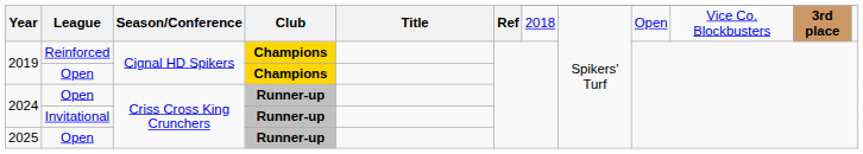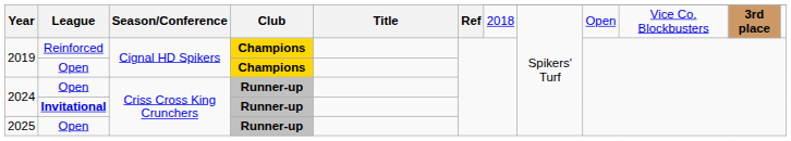 <table class="wikitable sortable" style="text-align:center" width="80%">
 <tr>
 <th style="width:5px;" rowspan="2">Year</th>
 <th style="width:25px;" rowspan="2">League</th>
 <th style="width:100px;" rowspan="2">Season/Conference</th>
 <th style="width:100px;" rowspan="2">Club</th>
 <th style="width:180px;" rowspan="2">Title</th>
 <th style="width:25px;" rowspan="2">Ref</th>
 </tr>
 <tr align=center>
 <td><a href='#'>2018</a></td>
 <td rowspan=6>Spikers' Turf</td>
 <td><a href='#'>Open</a></td>
 <td><a href='#'>Vice Co. Blockbusters</a></td>
 <td style="background:#cc9966;"><strong>3rd place</strong></td>
 <td></td>
 </tr>
 <tr align=center>
 <td rowspan=2>2019</td>
 <td><a href='#'>Reinforced</a></td>
 <td rowspan=2><a href='#'>Cignal HD Spikers</a></td>
 <td style="background:gold"><strong>Champions</strong></td>
 <td></td>
 </tr>
 <tr align=center>
 <td><a href='#'>Open</a></td>
 <td style="background:gold"><strong>Champions</strong></td>
 <td></td>
 </tr>
 <tr align=center>
 <td rowspan=2>2024</td>
 <td><a href='#'>Open</a></td>
 <td rowspan=3><a href='#'>Criss Cross King Crunchers</a></td>
 <td style="background:silver"><strong>Runner-up</strong></td>
 <td></td>
 </tr>
 <tr align=center>
-<td><a href='#'>Invitational</a></td>
+<td><strong><a href='#'>Invitational</a></strong></td>
 <td style="background:silver"><strong>Runner-up</strong></td>
 <td></td>
 </tr>
 <tr align=center>
 <td rowspan=2>2025</td>
 <td><a href='#'>Open</a></td>
 <td style="background:silver"><strong>Runner-up</strong></td>
 <td></td>
 </tr>
 </table>
